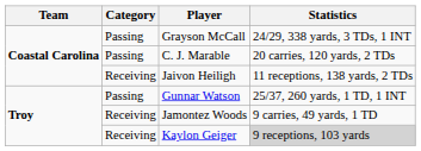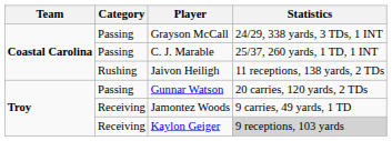 <table class="wikitable" style="float: left;">
 <tr>
 <th>Team</th>
 <th>Category</th>
 <th>Player</th>
 <th>Statistics</th>
 </tr>
 <tr>
 <td rowspan=3><strong>Coastal Carolina</strong></td>
 <td>Passing</td>
 <td>Grayson McCall</td>
 <td>24/29, 338 yards, 3 TDs, 1 INT</td>
 </tr>
 <tr>
 <td>Passing</td>
 <td>C. J. Marable</td>
-<td>20 carries, 120 yards, 2 TDs</td>
+<td>25/37, 260 yards, 1 TD, 1 INT</td>
 </tr>
 <tr>
-<td>Receiving</td>
+<td>Rushing</td>
 <td>Jaivon Heiligh</td>
 <td>11 receptions, 138 yards, 2 TDs</td>
 </tr>
 <tr>
 <td rowspan=3><strong>Troy</strong></td>
 <td>Passing</td>
 <td><a href='#'>Gunnar Watson</a></td>
-<td>25/37, 260 yards, 1 TD, 1 INT</td>
+<td>20 carries, 120 yards, 2 TDs</td>
 </tr>
 <tr>
 <td>Receiving</td>
 <td>Jamontez Woods</td>
 <td>9 carries, 49 yards, 1 TD</td>
 </tr>
 <tr>
 <td>Receiving</td>
 <td><a href='#'>Kaylon Geiger</a></td>
 <td style="background: lightgrey;">9 receptions, 103 yards</td>
 </tr>
 </table>
